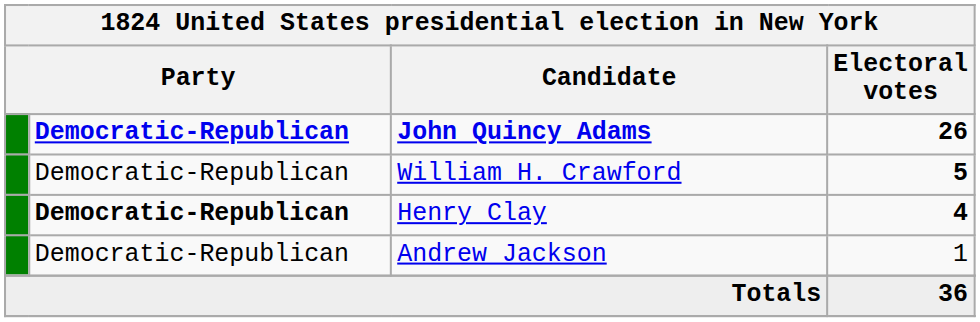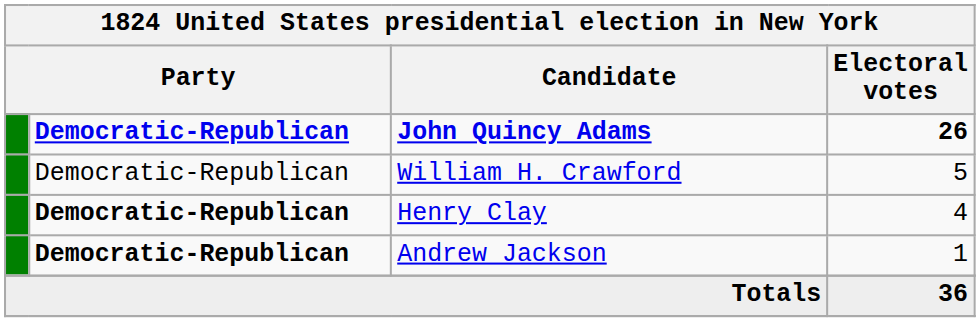 <table class="wikitable" style="font-size: 95%;">
 <tr>
 <th colspan="6">1824 United States presidential election in New York</th>
 </tr>
 <tr>
 <th colspan="2" style="width: 15em">Party</th>
 <th style="width: 17em">Candidate</th>
 <th style="width: 5em">Electoral votes</th>
 </tr>
 <tr>
 <th style="background-color:#008000; width: 3px"></th>
 <td style="width: 130px"><strong><a href='#'>Democratic-Republican</a></strong></td>
 <td><strong><a href='#'>John Quincy Adams</a></strong></td>
 <td align="right"><strong>26</strong></td>
 </tr>
 <tr>
 <th style="background-color:#008000; width: 3px"></th>
 <td style="width: 130px">Democratic-Republican</td>
 <td><a href='#'>William H. Crawford</a></td>
-<td align="right"><strong>5</strong></td>
+<td align="right">5</td>
 </tr>
 <tr>
 <th style="background-color:#008000; width: 3px"></th>
 <td style="width: 130px"><strong>Democratic-Republican</strong></td>
 <td><a href='#'>Henry Clay</a></td>
-<td align="right"><strong>4</strong></td>
+<td align="right">4</td>
 </tr>
 <tr>
 <th style="background-color:#008000; width: 3px"></th>
-<td style="width: 130px">Democratic-Republican</td>
+<td style="width: 130px"><strong>Democratic-Republican</strong></td>
 <td><a href='#'>Andrew Jackson</a></td>
 <td align="right">1</td>
 </tr>
 <tr>
 </tr>
 <tr bgcolor="#EEEEEE">
 <td colspan="3" align="right"><strong>Totals</strong></td>
 <td align="right"><strong>36</strong></td>
 </tr>
 <tr>
 </tr>
 </table>
